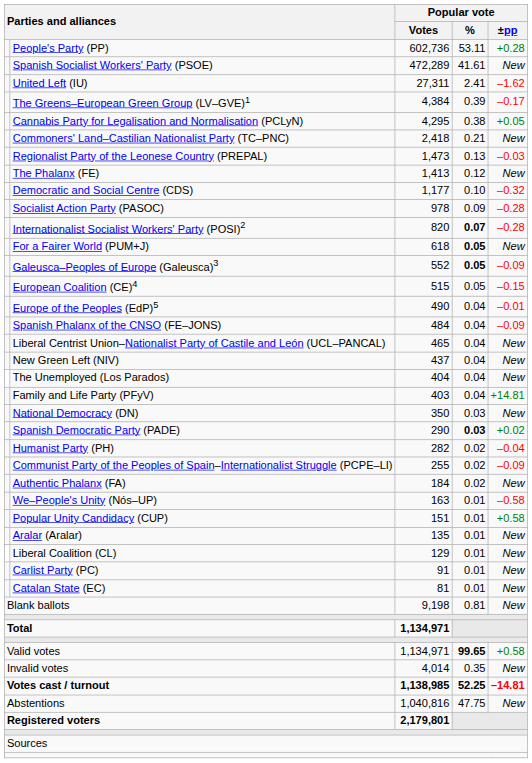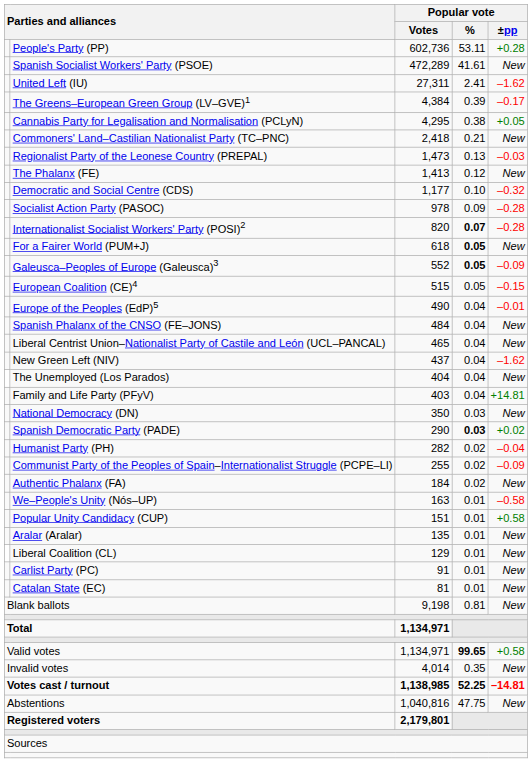 <table class="wikitable" style="text-align:right">
 <tr>
 <th style="text-align:left;" rowspan="2" colspan="2" width="525">Parties and alliances</th>
 <th colspan="3">Popular vote</th>
 </tr>
 <tr>
 <th width="75">Votes</th>
 <th width="45">%</th>
 <th width="45">±<a href='#'>pp</a></th>
 </tr>
 <tr>
 <td width="1" style="color:inherit;background:"></td>
 <td align="left"><a href='#'>People's Party</a> (PP)</td>
 <td>602,736</td>
 <td>53.11</td>
 <td style="color:green;">+0.28</td>
 </tr>
 <tr>
 <td style="color:inherit;background:"></td>
 <td align="left"><a href='#'>Spanish Socialist Workers' Party</a> (PSOE)</td>
 <td>472,289</td>
 <td>41.61</td>
 <td><em>New</em></td>
 </tr>
 <tr>
 <td style="color:inherit;background:"></td>
 <td align="left"><a href='#'>United Left</a> (IU)</td>
 <td>27,311</td>
 <td>2.41</td>
 <td style="color:red;">–1.62</td>
 </tr>
 <tr>
 <td style="color:inherit;background:"></td>
 <td align="left"><a href='#'>The Greens–European Green Group</a> (LV–GVE)<sup>1</sup></td>
 <td>4,384</td>
 <td>0.39</td>
 <td style="color:red;">–0.17</td>
 </tr>
 <tr>
 <td style="color:inherit;background:"></td>
 <td align="left"><a href='#'>Cannabis Party for Legalisation and Normalisation</a> (PCLyN)</td>
 <td>4,295</td>
 <td>0.38</td>
 <td style="color:green;">+0.05</td>
 </tr>
 <tr>
 <td style="color:inherit;background:"></td>
 <td align="left"><a href='#'>Commoners' Land–Castilian Nationalist Party</a> (TC–PNC)</td>
 <td>2,418</td>
 <td>0.21</td>
 <td><em>New</em></td>
 </tr>
 <tr>
 <td style="color:inherit;background:"></td>
 <td align="left"><a href='#'>Regionalist Party of the Leonese Country</a> (PREPAL)</td>
 <td>1,473</td>
 <td>0.13</td>
 <td style="color:red;">–0.03</td>
 </tr>
 <tr>
 <td style="color:inherit;background:"></td>
 <td align="left"><a href='#'>The Phalanx</a> (FE)</td>
 <td>1,413</td>
 <td>0.12</td>
 <td><em>New</em></td>
 </tr>
 <tr>
 <td style="color:inherit;background:"></td>
 <td align="left"><a href='#'>Democratic and Social Centre</a> (CDS)</td>
 <td>1,177</td>
 <td>0.10</td>
 <td style="color:red;">–0.32</td>
 </tr>
 <tr>
 <td style="color:inherit;background:"></td>
 <td align="left"><a href='#'>Socialist Action Party</a> (PASOC)</td>
 <td>978</td>
 <td>0.09</td>
 <td style="color:red;">–0.28</td>
 </tr>
 <tr>
 <td style="color:inherit;background:"></td>
 <td align="left"><a href='#'>Internationalist Socialist Workers' Party</a> (POSI)<sup>2</sup></td>
 <td>820</td>
 <td><strong>0.07</strong></td>
 <td style="color:red;">–0.28</td>
 </tr>
 <tr>
 <td style="color:inherit;background:"></td>
 <td align="left"><a href='#'>For a Fairer World</a> (PUM+J)</td>
 <td>618</td>
 <td><strong>0.05</strong></td>
 <td><em>New</em></td>
 </tr>
 <tr>
 <td style="color:inherit;background:"></td>
 <td align="left"><a href='#'>Galeusca–Peoples of Europe</a> (Galeusca)<sup>3</sup></td>
 <td>552</td>
 <td><strong>0.05</strong></td>
 <td style="color:red;">–0.09</td>
 </tr>
 <tr>
 <td style="color:inherit;background:"></td>
 <td align="left"><a href='#'>European Coalition</a> (CE)<sup>4</sup></td>
 <td>515</td>
 <td>0.05</td>
 <td style="color:red;">–0.15</td>
 </tr>
 <tr>
 <td style="color:inherit;background:"></td>
 <td align="left"><a href='#'>Europe of the Peoples</a> (EdP)<sup>5</sup></td>
 <td>490</td>
 <td>0.04</td>
 <td style="color:red;">–0.01</td>
 </tr>
 <tr>
 <td style="color:inherit;background:"></td>
 <td align="left"><a href='#'>Spanish Phalanx of the CNSO</a> (FE–JONS)</td>
 <td>484</td>
 <td>0.04</td>
-<td style="color:red;">–0.09</td>
+<td><em>New</em></td>
 </tr>
 <tr>
 <td style="color:inherit;background:"></td>
 <td align="left">Liberal Centrist Union–<a href='#'>Nationalist Party of Castile and León</a> (UCL–PANCAL)</td>
 <td>465</td>
 <td>0.04</td>
 <td><em>New</em></td>
 </tr>
 <tr>
 <td style="color:inherit;background:"></td>
 <td align="left">New Green Left (NIV)</td>
 <td>437</td>
 <td>0.04</td>
-<td><em>New</em></td>
+<td style="color:red;">–1.62</td>
 </tr>
 <tr>
 <td bgcolor="white"></td>
 <td align="left">The Unemployed (Los Parados)</td>
 <td>404</td>
 <td>0.04</td>
 <td><em>New</em></td>
 </tr>
 <tr>
 <td style="color:inherit;background:"></td>
 <td align="left">Family and Life Party (PFyV)</td>
 <td>403</td>
 <td>0.04</td>
 <td style="color:green;">+14.81</td>
 </tr>
 <tr>
 <td style="color:inherit;background:"></td>
 <td align="left"><a href='#'>National Democracy</a> (DN)</td>
 <td>350</td>
 <td>0.03</td>
 <td><em>New</em></td>
 </tr>
 <tr>
 <td style="color:inherit;background:"></td>
 <td align="left"><a href='#'>Spanish Democratic Party</a> (PADE)</td>
 <td>290</td>
 <td><strong>0.03</strong></td>
 <td style="color:green;">+0.02</td>
 </tr>
 <tr>
 <td style="color:inherit;background:"></td>
 <td align="left"><a href='#'>Humanist Party</a> (PH)</td>
 <td>282</td>
 <td>0.02</td>
 <td style="color:red;">–0.04</td>
 </tr>
 <tr>
 <td style="color:inherit;background:"></td>
 <td align="left"><a href='#'>Communist Party of the Peoples of Spain</a>–<a href='#'>Internationalist Struggle</a> (PCPE–LI)</td>
 <td>255</td>
 <td>0.02</td>
 <td style="color:red;">–0.09</td>
 </tr>
 <tr>
 <td style="color:inherit;background:"></td>
 <td align="left"><a href='#'>Authentic Phalanx</a> (FA)</td>
 <td>184</td>
 <td>0.02</td>
 <td><em>New</em></td>
 </tr>
 <tr>
 <td style="color:inherit;background:"></td>
 <td align="left"><a href='#'>We–People's Unity</a> (Nós–UP)</td>
 <td>163</td>
 <td>0.01</td>
 <td style="color:red;">–0.58</td>
 </tr>
 <tr>
 <td style="color:inherit;background:"></td>
 <td align="left"><a href='#'>Popular Unity Candidacy</a> (CUP)</td>
 <td>151</td>
 <td>0.01</td>
 <td style="color:green;">+0.58</td>
 </tr>
 <tr>
 <td style="color:inherit;background:"></td>
 <td align="left"><a href='#'>Aralar</a> (Aralar)</td>
 <td>135</td>
 <td>0.01</td>
 <td><em>New</em></td>
 </tr>
 <tr>
 <td bgcolor="white"></td>
 <td align="left">Liberal Coalition (CL)</td>
 <td>129</td>
 <td>0.01</td>
 <td><em>New</em></td>
 </tr>
 <tr>
 <td style="color:inherit;background:"></td>
 <td align="left"><a href='#'>Carlist Party</a> (PC)</td>
 <td>91</td>
 <td>0.01</td>
 <td><em>New</em></td>
 </tr>
 <tr>
 <td style="color:inherit;background:"></td>
 <td align="left"><a href='#'>Catalan State</a> (EC)</td>
 <td>81</td>
 <td>0.01</td>
 <td><em>New</em></td>
 </tr>
 <tr>
 <td align="left" colspan="2">Blank ballots</td>
 <td>9,198</td>
 <td>0.81</td>
 <td><em>New</em></td>
 </tr>
 <tr>
 <td colspan="5" bgcolor="#E9E9E9"></td>
 </tr>
 <tr style="font-weight:bold;">
 <td align="left" colspan="2">Total</td>
 <td>1,134,971</td>
 <td bgcolor="#E9E9E9" colspan="2"></td>
 </tr>
 <tr>
 <td colspan="5" bgcolor="#E9E9E9"></td>
 </tr>
 <tr>
 <td align="left" colspan="2">Valid votes</td>
 <td>1,134,971</td>
 <td><strong>99.65</strong></td>
 <td style="color:green;">+0.58</td>
 </tr>
 <tr>
 <td align="left" colspan="2">Invalid votes</td>
 <td>4,014</td>
 <td>0.35</td>
 <td><em>New</em></td>
 </tr>
 <tr style="font-weight:bold;">
 <td align="left" colspan="2">Votes cast / turnout</td>
 <td>1,138,985</td>
 <td>52.25</td>
 <td style="color:red;">–14.81</td>
 </tr>
 <tr>
 <td align="left" colspan="2">Abstentions</td>
 <td>1,040,816</td>
 <td>47.75</td>
 <td><em>New</em></td>
 </tr>
 <tr style="font-weight:bold;">
 <td align="left" colspan="2">Registered voters</td>
 <td>2,179,801</td>
 <td bgcolor="#E9E9E9" colspan="2"></td>
 </tr>
 <tr>
 <td colspan="5" bgcolor="#E9E9E9"></td>
 </tr>
 <tr>
 <td align="left" colspan="5">Sources</td>
 </tr>
 <tr>
 <td colspan="5" style="text-align:left; max-width:680px;"></td>
 </tr>
 </table>
